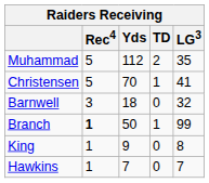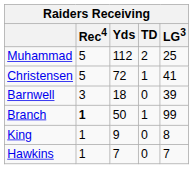 <table class="wikitable">
 <tr>
 <th colspan="5">Raiders Receiving</th>
 </tr>
 <tr>
 <th></th>
 <th>Rec<sup>4</sup></th>
 <th>Yds</th>
 <th>TD</th>
 <th>LG<sup>3</sup></th>
 </tr>
 <tr>
 <td><a href='#'>Muhammad</a></td>
 <td>5</td>
 <td>112</td>
 <td>2</td>
-<td>35</td>
+<td>25</td>
 </tr>
 <tr>
 <td><a href='#'>Christensen</a></td>
 <td>5</td>
-<td>70</td>
+<td>72</td>
 <td>1</td>
 <td>41</td>
 </tr>
 <tr>
 <td><a href='#'>Barnwell</a></td>
 <td>3</td>
 <td>18</td>
 <td>0</td>
-<td>32</td>
+<td>39</td>
 </tr>
 <tr>
 <td><a href='#'>Branch</a></td>
 <td><strong>1</strong></td>
 <td>50</td>
 <td>1</td>
 <td>99</td>
 </tr>
 <tr>
 <td><a href='#'>King</a></td>
 <td>1</td>
 <td>9</td>
 <td>0</td>
 <td>8</td>
 </tr>
 <tr>
 <td><a href='#'>Hawkins</a></td>
 <td>1</td>
 <td>7</td>
 <td>0</td>
 <td>7</td>
 </tr>
 </table>
